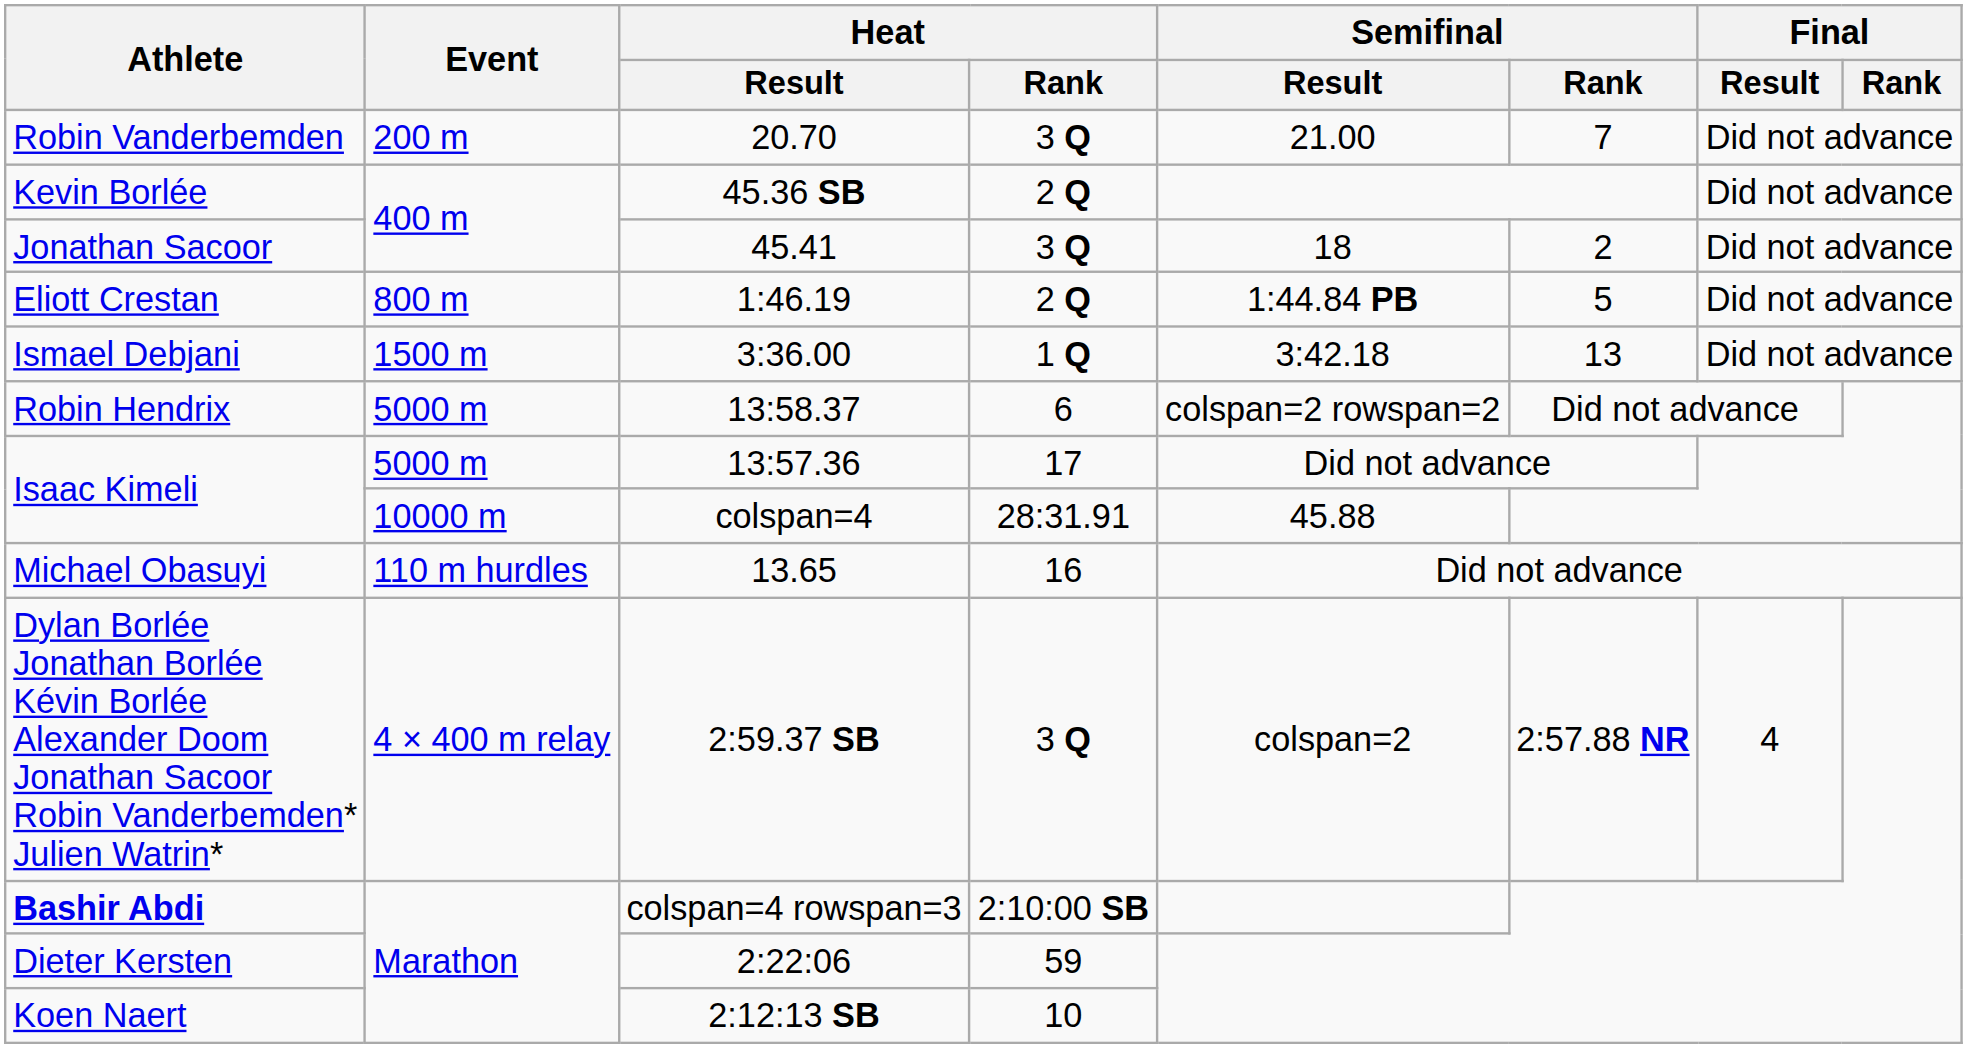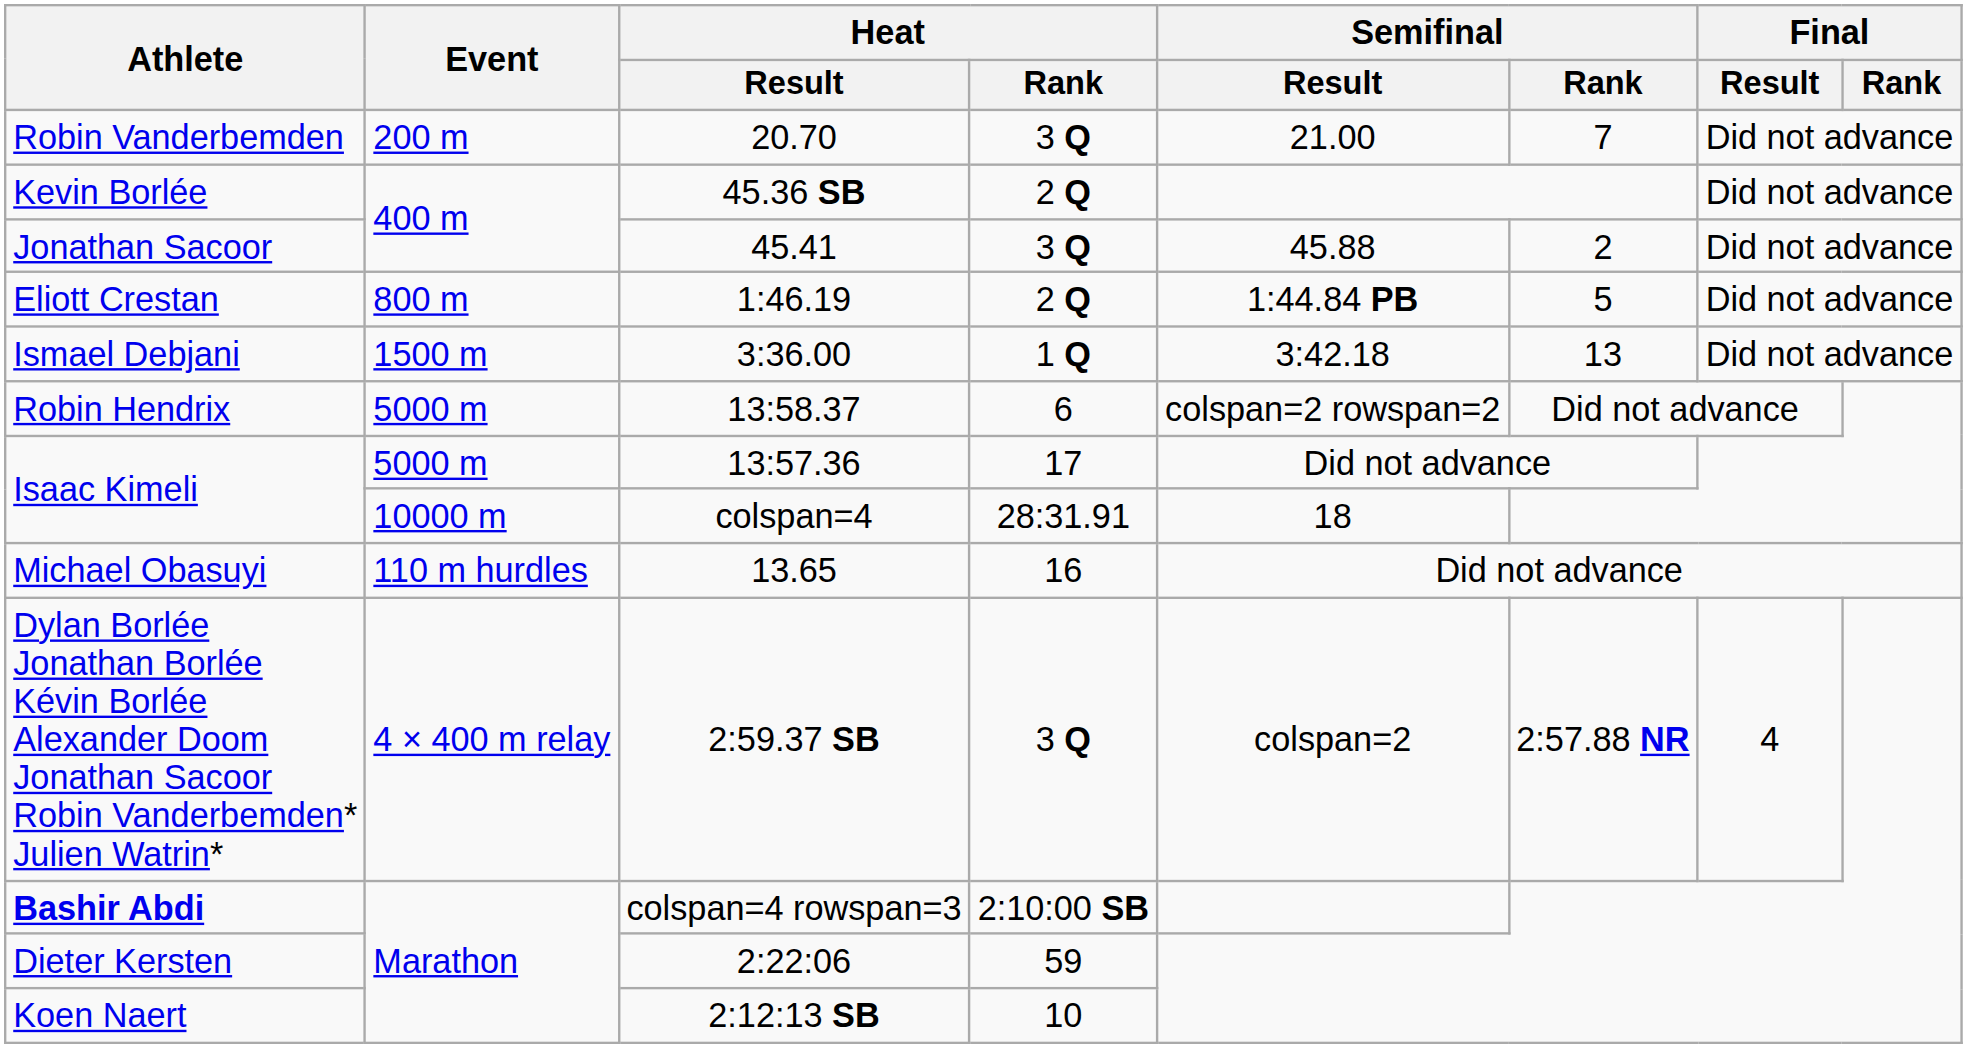 <table class="wikitable" style="font-size:90%">
 <tr>
 <th rowspan="2">Athlete</th>
 <th rowspan="2">Event</th>
 <th colspan="2">Heat</th>
 <th colspan="2">Semifinal</th>
 <th colspan="2">Final</th>
 </tr>
 <tr style="font-size:95%">
 <th>Result</th>
 <th>Rank</th>
 <th>Result</th>
 <th>Rank</th>
 <th>Result</th>
 <th>Rank</th>
 </tr>
 <tr align=center>
 <td align=left><a href='#'>Robin Vanderbemden</a></td>
 <td align=left><a href='#'>200 m</a></td>
 <td>20.70</td>
 <td>3 <strong>Q</strong></td>
 <td>21.00</td>
 <td>7</td>
 <td colspan=2>Did not advance</td>
 </tr>
 <tr align="center">
 <td align="left"><a href='#'>Kevin Borlée</a></td>
 <td rowspan="2" align="left"><a href='#'>400 m</a></td>
 <td>45.36 <strong>SB</strong></td>
 <td>2 <strong>Q</strong></td>
 <td colspan=2></td>
 <td colspan="2">Did not advance</td>
 </tr>
 <tr align="center">
 <td align="left"><a href='#'>Jonathan Sacoor</a></td>
 <td>45.41</td>
 <td>3 <strong>Q</strong></td>
-<td>18</td>
+<td>45.88</td>
 <td>2</td>
 <td colspan="2">Did not advance</td>
 </tr>
 <tr align="center">
 <td align="left"><a href='#'>Eliott Crestan</a></td>
 <td align="left"><a href='#'>800 m</a></td>
 <td>1:46.19</td>
 <td>2 <strong>Q</strong></td>
 <td>1:44.84 <strong>PB</strong></td>
 <td>5</td>
 <td colspan="2">Did not advance</td>
 </tr>
 <tr align="center">
 <td align="left"><a href='#'>Ismael Debjani</a></td>
 <td align="left"><a href='#'>1500 m</a></td>
 <td>3:36.00</td>
 <td>1 <strong>Q</strong></td>
 <td>3:42.18</td>
 <td>13</td>
 <td colspan="2">Did not advance</td>
 </tr>
 <tr align="center">
 <td align="left"><a href='#'>Robin Hendrix</a></td>
 <td align=left><a href='#'>5000 m</a></td>
 <td>13:58.37</td>
 <td>6</td>
 <td>colspan=2 rowspan=2 </td>
 <td colspan="2">Did not advance</td>
 </tr>
 <tr align="center">
 <td align="left" rowspan=2><a href='#'>Isaac Kimeli</a></td>
 <td align=left><a href='#'>5000 m</a></td>
 <td>13:57.36</td>
 <td>17</td>
 <td colspan="2">Did not advance</td>
 </tr>
 <tr align="center">
 <td align="left"><a href='#'>10000 m</a></td>
 <td>colspan=4 </td>
 <td>28:31.91</td>
-<td>45.88</td>
+<td>18</td>
 </tr>
 <tr align="center">
 <td align="left"><a href='#'>Michael Obasuyi</a></td>
 <td align="left"><a href='#'>110 m hurdles</a></td>
 <td>13.65</td>
 <td>16</td>
 <td colspan="4">Did not advance</td>
 </tr>
 <tr align=center>
 <td align=left><a href='#'>Dylan Borlée</a><br><a href='#'>Jonathan Borlée</a><br><a href='#'>Kévin Borlée</a><br><a href='#'>Alexander Doom</a><br><a href='#'>Jonathan Sacoor</a><br><a href='#'>Robin Vanderbemden</a>*<br><a href='#'>Julien Watrin</a>*</td>
 <td align=left><a href='#'>4 × 400 m relay</a></td>
 <td>2:59.37 <strong>SB</strong></td>
 <td>3 <strong>Q</strong></td>
 <td>colspan=2 </td>
 <td>2:57.88 <strong><a href='#'>NR</a></strong></td>
 <td>4</td>
 </tr>
 <tr align="center">
 <td align="left"><strong><a href='#'>Bashir Abdi</a></strong></td>
 <td rowspan="3" align="left"><a href='#'>Marathon</a></td>
 <td>colspan=4 rowspan=3 </td>
 <td>2:10:00 <strong>SB</strong></td>
 <td></td>
 </tr>
 <tr align="center">
 <td align="left"><a href='#'>Dieter Kersten</a></td>
 <td>2:22:06</td>
 <td>59</td>
 </tr>
 <tr align="center">
 <td align="left"><a href='#'>Koen Naert</a></td>
 <td>2:12:13 <strong>SB</strong></td>
 <td>10</td>
 </tr>
 </table>
